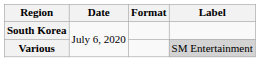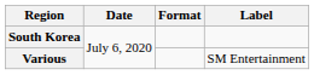 <table class="wikitable plainrowheaders">
 <tr>
 <th>Region</th>
 <th>Date</th>
 <th>Format</th>
 <th>Label</th>
 </tr>
 <tr>
 <th scope="row">South Korea</th>
 <td rowspan="2">July 6, 2020</td>
 <td></td>
 <td></td>
 </tr>
 <tr>
 <th scope="row">Various</th>
 <td></td>
-<td style="background: lightgrey;">SM Entertainment</td>
+<td>SM Entertainment</td>
 </tr>
 </table>
